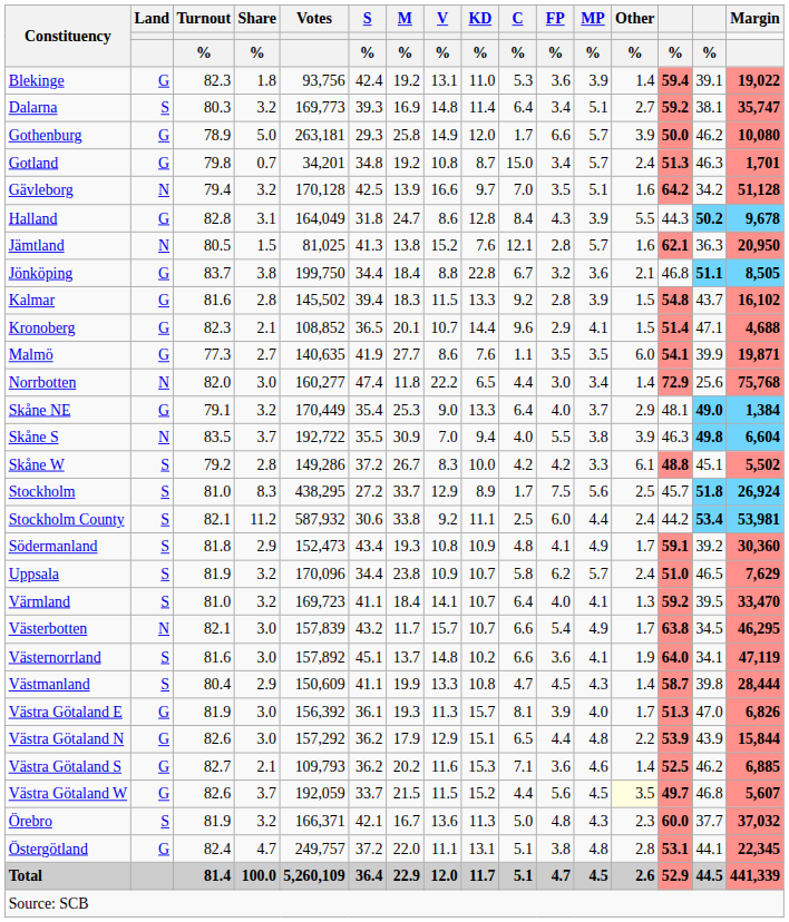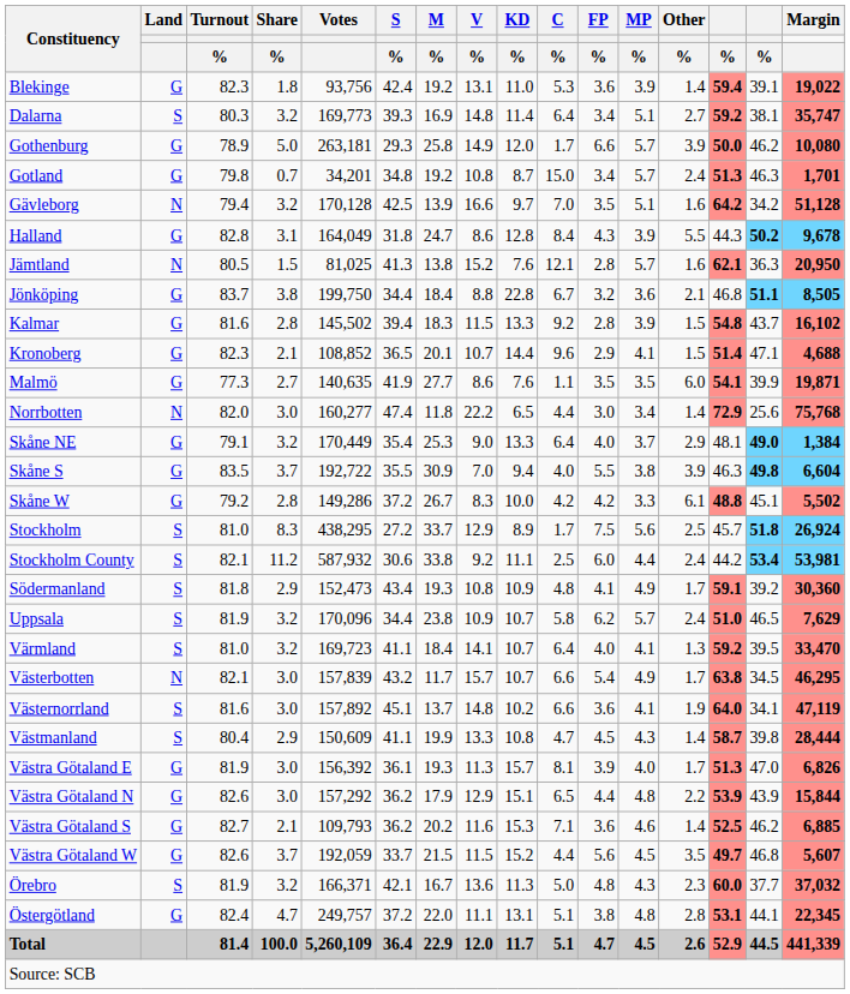 <table class="wikitable sortable" style="text-align:right; font-size:95%; line-height:20px;">
 <tr>
 <th rowspan="3">Constituency</th>
 <th>Land</th>
 <th>Turnout</th>
 <th>Share</th>
 <th>Votes</th>
 <th width="30px" class="unsortable"><a href='#'>S</a></th>
 <th width="30px" class="unsortable"><a href='#'>M</a></th>
 <th width="30px" class="unsortable"><a href='#'>V</a></th>
 <th width="30px" class="unsortable"><a href='#'>KD</a></th>
 <th width="30px" class="unsortable"><a href='#'>C</a></th>
 <th width="30px" class="unsortable"><a href='#'>FP</a></th>
 <th width="30px" class="unsortable"><a href='#'>MP</a></th>
 <th width="30px" class="unsortable">Other</th>
 <th></th>
 <th></th>
 <th>Margin</th>
 </tr>
 <tr>
 <th></th>
 <th></th>
 <th></th>
 <th></th>
 <th style="background:"></th>
 <th style="background:"></th>
 <th style="background:"></th>
 <th style="background:"></th>
 <th style="background:"></th>
 <th style="background:"></th>
 <th style="background:"></th>
 <th style="background:"></th>
 <th style="background:"></th>
 <th style="background:"></th>
 </tr>
 <tr>
 <th></th>
 <th data-sort-type="number">%</th>
 <th data-sort-type="number">%</th>
 <th></th>
 <th data-sort-type="number">%</th>
 <th data-sort-type="number">%</th>
 <th data-sort-type="number">%</th>
 <th data-sort-type="number">%</th>
 <th data-sort-type="number">%</th>
 <th data-sort-type="number">%</th>
 <th data-sort-type="number">%</th>
 <th data-sort-type="number">%</th>
 <th data-sort-type="number">%</th>
 <th data-sort-type="number">%</th>
 <th data-sort-type="number"></th>
 </tr>
 <tr>
 <td align=left><a href='#'>Blekinge</a></td>
 <td><a href='#'>G</a></td>
 <td>82.3</td>
 <td>1.8</td>
 <td>93,756</td>
 <td>42.4</td>
 <td>19.2</td>
 <td>13.1</td>
 <td>11.0</td>
 <td>5.3</td>
 <td>3.6</td>
 <td>3.9</td>
 <td>1.4</td>
 <td bgcolor=#ff908c><strong>59.4</strong></td>
 <td>39.1</td>
 <td bgcolor=#ff908c><strong>19,022</strong></td>
 </tr>
 <tr>
 <td align=left><a href='#'>Dalarna</a></td>
 <td><a href='#'>S</a></td>
 <td>80.3</td>
 <td>3.2</td>
 <td>169,773</td>
 <td>39.3</td>
 <td>16.9</td>
 <td>14.8</td>
 <td>11.4</td>
 <td>6.4</td>
 <td>3.4</td>
 <td>5.1</td>
 <td>2.7</td>
 <td bgcolor=#ff908c><strong>59.2</strong></td>
 <td>38.1</td>
 <td bgcolor=#ff908c><strong>35,747</strong></td>
 </tr>
 <tr>
 <td align=left><a href='#'>Gothenburg</a></td>
 <td><a href='#'>G</a></td>
 <td>78.9</td>
 <td>5.0</td>
 <td>263,181</td>
 <td>29.3</td>
 <td>25.8</td>
 <td>14.9</td>
 <td>12.0</td>
 <td>1.7</td>
 <td>6.6</td>
 <td>5.7</td>
 <td>3.9</td>
 <td bgcolor=#ff908c><strong>50.0</strong></td>
 <td>46.2</td>
 <td bgcolor=#ff908c><strong>10,080</strong></td>
 </tr>
 <tr>
 <td align=left><a href='#'>Gotland</a></td>
 <td><a href='#'>G</a></td>
 <td>79.8</td>
 <td>0.7</td>
 <td>34,201</td>
 <td>34.8</td>
 <td>19.2</td>
 <td>10.8</td>
 <td>8.7</td>
 <td>15.0</td>
 <td>3.4</td>
 <td>5.7</td>
 <td>2.4</td>
 <td bgcolor=#ff908c><strong>51.3</strong></td>
 <td>46.3</td>
 <td bgcolor=#ff908c><strong>1,701</strong></td>
 </tr>
 <tr>
 <td align=left><a href='#'>Gävleborg</a></td>
 <td><a href='#'>N</a></td>
 <td>79.4</td>
 <td>3.2</td>
 <td>170,128</td>
 <td>42.5</td>
 <td>13.9</td>
 <td>16.6</td>
 <td>9.7</td>
 <td>7.0</td>
 <td>3.5</td>
 <td>5.1</td>
 <td>1.6</td>
 <td bgcolor=#ff908c><strong>64.2</strong></td>
 <td>34.2</td>
 <td bgcolor=#ff908c><strong>51,128</strong></td>
 </tr>
 <tr>
 <td align=left><a href='#'>Halland</a></td>
 <td><a href='#'>G</a></td>
 <td>82.8</td>
 <td>3.1</td>
 <td>164,049</td>
 <td>31.8</td>
 <td>24.7</td>
 <td>8.6</td>
 <td>12.8</td>
 <td>8.4</td>
 <td>4.3</td>
 <td>3.9</td>
 <td>5.5</td>
 <td>44.3</td>
 <td bgcolor=#6fd5fe><strong>50.2</strong></td>
 <td bgcolor=#6fd5fe><strong>9,678</strong></td>
 </tr>
 <tr>
 <td align=left><a href='#'>Jämtland</a></td>
 <td><a href='#'>N</a></td>
 <td>80.5</td>
 <td>1.5</td>
 <td>81,025</td>
 <td>41.3</td>
 <td>13.8</td>
 <td>15.2</td>
 <td>7.6</td>
 <td>12.1</td>
 <td>2.8</td>
 <td>5.7</td>
 <td>1.6</td>
 <td bgcolor=#ff908c><strong>62.1</strong></td>
 <td>36.3</td>
 <td bgcolor=#ff908c><strong>20,950</strong></td>
 </tr>
 <tr>
 <td align=left><a href='#'>Jönköping</a></td>
 <td><a href='#'>G</a></td>
 <td>83.7</td>
 <td>3.8</td>
 <td>199,750</td>
 <td>34.4</td>
 <td>18.4</td>
 <td>8.8</td>
 <td>22.8</td>
 <td>6.7</td>
 <td>3.2</td>
 <td>3.6</td>
 <td>2.1</td>
 <td>46.8</td>
 <td bgcolor=#6fd5fe><strong>51.1</strong></td>
 <td bgcolor=#6fd5fe><strong>8,505</strong></td>
 </tr>
 <tr>
 <td align=left><a href='#'>Kalmar</a></td>
 <td><a href='#'>G</a></td>
 <td>81.6</td>
 <td>2.8</td>
 <td>145,502</td>
 <td>39.4</td>
 <td>18.3</td>
 <td>11.5</td>
 <td>13.3</td>
 <td>9.2</td>
 <td>2.8</td>
 <td>3.9</td>
 <td>1.5</td>
 <td bgcolor=#ff908c><strong>54.8</strong></td>
 <td>43.7</td>
 <td bgcolor=#ff908c><strong>16,102</strong></td>
 </tr>
 <tr>
 <td align=left><a href='#'>Kronoberg</a></td>
 <td><a href='#'>G</a></td>
 <td>82.3</td>
 <td>2.1</td>
 <td>108,852</td>
 <td>36.5</td>
 <td>20.1</td>
 <td>10.7</td>
 <td>14.4</td>
 <td>9.6</td>
 <td>2.9</td>
 <td>4.1</td>
 <td>1.5</td>
 <td bgcolor=#ff908c><strong>51.4</strong></td>
 <td>47.1</td>
 <td bgcolor=#ff908c><strong>4,688</strong></td>
 </tr>
 <tr>
 <td align=left><a href='#'>Malmö</a></td>
 <td><a href='#'>G</a></td>
 <td>77.3</td>
 <td>2.7</td>
 <td>140,635</td>
 <td>41.9</td>
 <td>27.7</td>
 <td>8.6</td>
 <td>7.6</td>
 <td>1.1</td>
 <td>3.5</td>
 <td>3.5</td>
 <td>6.0</td>
 <td bgcolor=#ff908c><strong>54.1</strong></td>
 <td>39.9</td>
 <td bgcolor=#ff908c><strong>19,871</strong></td>
 </tr>
 <tr>
 <td align=left><a href='#'>Norrbotten</a></td>
 <td><a href='#'>N</a></td>
 <td>82.0</td>
 <td>3.0</td>
 <td>160,277</td>
 <td>47.4</td>
 <td>11.8</td>
 <td>22.2</td>
 <td>6.5</td>
 <td>4.4</td>
 <td>3.0</td>
 <td>3.4</td>
 <td>1.4</td>
 <td bgcolor=#ff908c><strong>72.9</strong></td>
 <td>25.6</td>
 <td bgcolor=#ff908c><strong>75,768</strong></td>
 </tr>
 <tr>
 <td align=left><a href='#'>Skåne NE</a></td>
 <td><a href='#'>G</a></td>
 <td>79.1</td>
 <td>3.2</td>
 <td>170,449</td>
 <td>35.4</td>
 <td>25.3</td>
 <td>9.0</td>
 <td>13.3</td>
 <td>6.4</td>
 <td>4.0</td>
 <td>3.7</td>
 <td>2.9</td>
 <td>48.1</td>
 <td bgcolor=#6fd5fe><strong>49.0</strong></td>
 <td bgcolor=#6fd5fe><strong>1,384</strong></td>
 </tr>
 <tr>
 <td align=left><a href='#'>Skåne S</a></td>
-<td><a href='#'>N</a></td>
+<td><a href='#'>G</a></td>
 <td>83.5</td>
 <td>3.7</td>
 <td>192,722</td>
 <td>35.5</td>
 <td>30.9</td>
 <td>7.0</td>
 <td>9.4</td>
 <td>4.0</td>
 <td>5.5</td>
 <td>3.8</td>
 <td>3.9</td>
 <td>46.3</td>
 <td bgcolor=#6fd5fe><strong>49.8</strong></td>
 <td bgcolor=#6fd5fe><strong>6,604</strong></td>
 </tr>
 <tr>
 <td align=left><a href='#'>Skåne W</a></td>
-<td><a href='#'>S</a></td>
+<td><a href='#'>G</a></td>
 <td>79.2</td>
 <td>2.8</td>
 <td>149,286</td>
 <td>37.2</td>
 <td>26.7</td>
 <td>8.3</td>
 <td>10.0</td>
 <td>4.2</td>
 <td>4.2</td>
 <td>3.3</td>
 <td>6.1</td>
 <td bgcolor=#ff908c><strong>48.8</strong></td>
 <td>45.1</td>
 <td bgcolor=#ff908c><strong>5,502</strong></td>
 </tr>
 <tr>
 <td align=left><a href='#'>Stockholm</a></td>
 <td><a href='#'>S</a></td>
 <td>81.0</td>
 <td>8.3</td>
 <td>438,295</td>
 <td>27.2</td>
 <td>33.7</td>
 <td>12.9</td>
 <td>8.9</td>
 <td>1.7</td>
 <td>7.5</td>
 <td>5.6</td>
 <td>2.5</td>
 <td>45.7</td>
 <td bgcolor=#6fd5fe><strong>51.8</strong></td>
 <td bgcolor=#6fd5fe><strong>26,924</strong></td>
 </tr>
 <tr>
 <td align=left><a href='#'>Stockholm County</a></td>
 <td><a href='#'>S</a></td>
 <td>82.1</td>
 <td>11.2</td>
 <td>587,932</td>
 <td>30.6</td>
 <td>33.8</td>
 <td>9.2</td>
 <td>11.1</td>
 <td>2.5</td>
 <td>6.0</td>
 <td>4.4</td>
 <td>2.4</td>
 <td>44.2</td>
 <td bgcolor=#6fd5fe><strong>53.4</strong></td>
 <td bgcolor=#6fd5fe><strong>53,981</strong></td>
 </tr>
 <tr>
 <td align=left><a href='#'>Södermanland</a></td>
 <td><a href='#'>S</a></td>
 <td>81.8</td>
 <td>2.9</td>
 <td>152,473</td>
 <td>43.4</td>
 <td>19.3</td>
 <td>10.8</td>
 <td>10.9</td>
 <td>4.8</td>
 <td>4.1</td>
 <td>4.9</td>
 <td>1.7</td>
 <td bgcolor=#ff908c><strong>59.1</strong></td>
 <td>39.2</td>
 <td bgcolor=#ff908c><strong>30,360</strong></td>
 </tr>
 <tr>
 <td align=left><a href='#'>Uppsala</a></td>
 <td><a href='#'>S</a></td>
 <td>81.9</td>
 <td>3.2</td>
 <td>170,096</td>
 <td>34.4</td>
 <td>23.8</td>
 <td>10.9</td>
 <td>10.7</td>
 <td>5.8</td>
 <td>6.2</td>
 <td>5.7</td>
 <td>2.4</td>
 <td bgcolor=#ff908c><strong>51.0</strong></td>
 <td>46.5</td>
 <td bgcolor=#ff908c><strong>7,629</strong></td>
 </tr>
 <tr>
 <td align=left><a href='#'>Värmland</a></td>
 <td><a href='#'>S</a></td>
 <td>81.0</td>
 <td>3.2</td>
 <td>169,723</td>
 <td>41.1</td>
 <td>18.4</td>
 <td>14.1</td>
 <td>10.7</td>
 <td>6.4</td>
 <td>4.0</td>
 <td>4.1</td>
 <td>1.3</td>
 <td bgcolor=#ff908c><strong>59.2</strong></td>
 <td>39.5</td>
 <td bgcolor=#ff908c><strong>33,470</strong></td>
 </tr>
 <tr>
 <td align=left><a href='#'>Västerbotten</a></td>
 <td><a href='#'>N</a></td>
 <td>82.1</td>
 <td>3.0</td>
 <td>157,839</td>
 <td>43.2</td>
 <td>11.7</td>
 <td>15.7</td>
 <td>10.7</td>
 <td>6.6</td>
 <td>5.4</td>
 <td>4.9</td>
 <td>1.7</td>
 <td bgcolor=#ff908c><strong>63.8</strong></td>
 <td>34.5</td>
 <td bgcolor=#ff908c><strong>46,295</strong></td>
 </tr>
 <tr>
 <td align=left><a href='#'>Västernorrland</a></td>
 <td><a href='#'>S</a></td>
 <td>81.6</td>
 <td>3.0</td>
 <td>157,892</td>
 <td>45.1</td>
 <td>13.7</td>
 <td>14.8</td>
 <td>10.2</td>
 <td>6.6</td>
 <td>3.6</td>
 <td>4.1</td>
 <td>1.9</td>
 <td bgcolor=#ff908c><strong>64.0</strong></td>
 <td>34.1</td>
 <td bgcolor=#ff908c><strong>47,119</strong></td>
 </tr>
 <tr>
 <td align=left><a href='#'>Västmanland</a></td>
 <td><a href='#'>S</a></td>
 <td>80.4</td>
 <td>2.9</td>
 <td>150,609</td>
 <td>41.1</td>
 <td>19.9</td>
 <td>13.3</td>
 <td>10.8</td>
 <td>4.7</td>
 <td>4.5</td>
 <td>4.3</td>
 <td>1.4</td>
 <td bgcolor=#ff908c><strong>58.7</strong></td>
 <td>39.8</td>
 <td bgcolor=#ff908c><strong>28,444</strong></td>
 </tr>
 <tr>
 <td align=left><a href='#'>Västra Götaland E</a></td>
 <td><a href='#'>G</a></td>
 <td>81.9</td>
 <td>3.0</td>
 <td>156,392</td>
 <td>36.1</td>
 <td>19.3</td>
 <td>11.3</td>
 <td>15.7</td>
 <td>8.1</td>
 <td>3.9</td>
 <td>4.0</td>
 <td>1.7</td>
 <td bgcolor=#ff908c><strong>51.3</strong></td>
 <td>47.0</td>
 <td bgcolor=#ff908c><strong>6,826</strong></td>
 </tr>
 <tr>
 <td align=left><a href='#'>Västra Götaland N</a></td>
 <td><a href='#'>G</a></td>
 <td>82.6</td>
 <td>3.0</td>
 <td>157,292</td>
 <td>36.2</td>
 <td>17.9</td>
 <td>12.9</td>
 <td>15.1</td>
 <td>6.5</td>
 <td>4.4</td>
 <td>4.8</td>
 <td>2.2</td>
 <td bgcolor=#ff908c><strong>53.9</strong></td>
 <td>43.9</td>
 <td bgcolor=#ff908c><strong>15,844</strong></td>
 </tr>
 <tr>
 <td align=left><a href='#'>Västra Götaland S</a></td>
 <td><a href='#'>G</a></td>
 <td>82.7</td>
 <td>2.1</td>
 <td>109,793</td>
 <td>36.2</td>
 <td>20.2</td>
 <td>11.6</td>
 <td>15.3</td>
 <td>7.1</td>
 <td>3.6</td>
 <td>4.6</td>
 <td>1.4</td>
 <td bgcolor=#ff908c><strong>52.5</strong></td>
 <td>46.2</td>
 <td bgcolor=#ff908c><strong>6,885</strong></td>
 </tr>
 <tr>
 <td align=left><a href='#'>Västra Götaland W</a></td>
 <td><a href='#'>G</a></td>
 <td>82.6</td>
 <td>3.7</td>
 <td>192,059</td>
 <td>33.7</td>
 <td>21.5</td>
 <td>11.5</td>
 <td>15.2</td>
 <td>4.4</td>
 <td>5.6</td>
 <td>4.5</td>
-<td style="background: lightyellow;">3.5</td>
+<td>3.5</td>
 <td bgcolor=#ff908c><strong>49.7</strong></td>
 <td>46.8</td>
 <td bgcolor=#ff908c><strong>5,607</strong></td>
 </tr>
 <tr>
 <td align=left><a href='#'>Örebro</a></td>
 <td><a href='#'>S</a></td>
 <td>81.9</td>
 <td>3.2</td>
 <td>166,371</td>
 <td>42.1</td>
 <td>16.7</td>
 <td>13.6</td>
 <td>11.3</td>
 <td>5.0</td>
 <td>4.8</td>
 <td>4.3</td>
 <td>2.3</td>
 <td bgcolor=#ff908c><strong>60.0</strong></td>
 <td>37.7</td>
 <td bgcolor=#ff908c><strong>37,032</strong></td>
 </tr>
 <tr>
 <td align=left><a href='#'>Östergötland</a></td>
 <td><a href='#'>G</a></td>
 <td>82.4</td>
 <td>4.7</td>
 <td>249,757</td>
 <td>37.2</td>
 <td>22.0</td>
 <td>11.1</td>
 <td>13.1</td>
 <td>5.1</td>
 <td>3.8</td>
 <td>4.8</td>
 <td>2.8</td>
 <td bgcolor=#ff908c><strong>53.1</strong></td>
 <td>44.1</td>
 <td bgcolor=#ff908c><strong>22,345</strong></td>
 </tr>
 <tr style="background:#CDCDCD;">
 <td align=left><strong>Total</strong></td>
 <td></td>
 <td><strong>81.4</strong></td>
 <td><strong>100.0</strong></td>
 <td><strong>5,260,109</strong></td>
 <td><strong>36.4</strong></td>
 <td><strong>22.9</strong></td>
 <td><strong>12.0</strong></td>
 <td><strong>11.7</strong></td>
 <td><strong>5.1</strong></td>
 <td><strong>4.7</strong></td>
 <td><strong>4.5</strong></td>
 <td><strong>2.6</strong></td>
 <td bgcolor=#ff908c><strong>52.9</strong></td>
 <td><strong>44.5</strong></td>
 <td bgcolor=#ff908c><strong>441,339</strong></td>
 </tr>
 <tr>
 <td align=left colspan=16>Source: SCB </td>
 </tr>
 </table>
